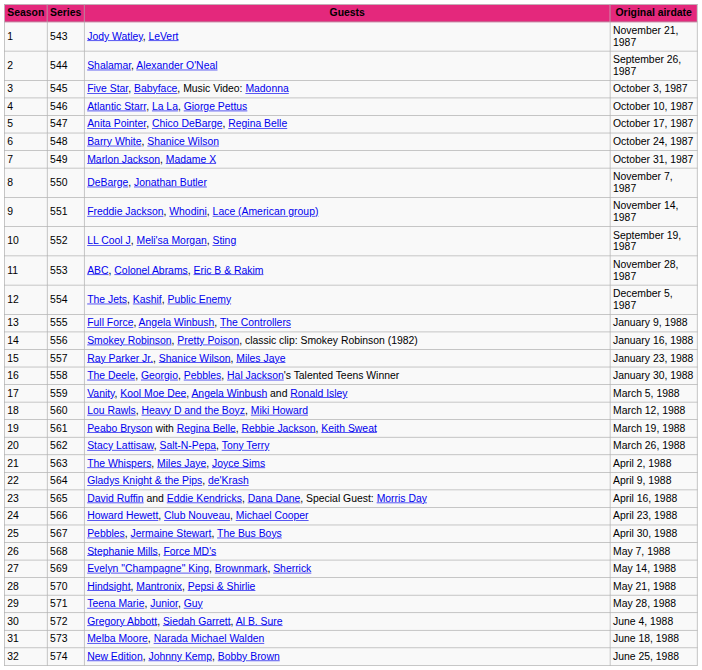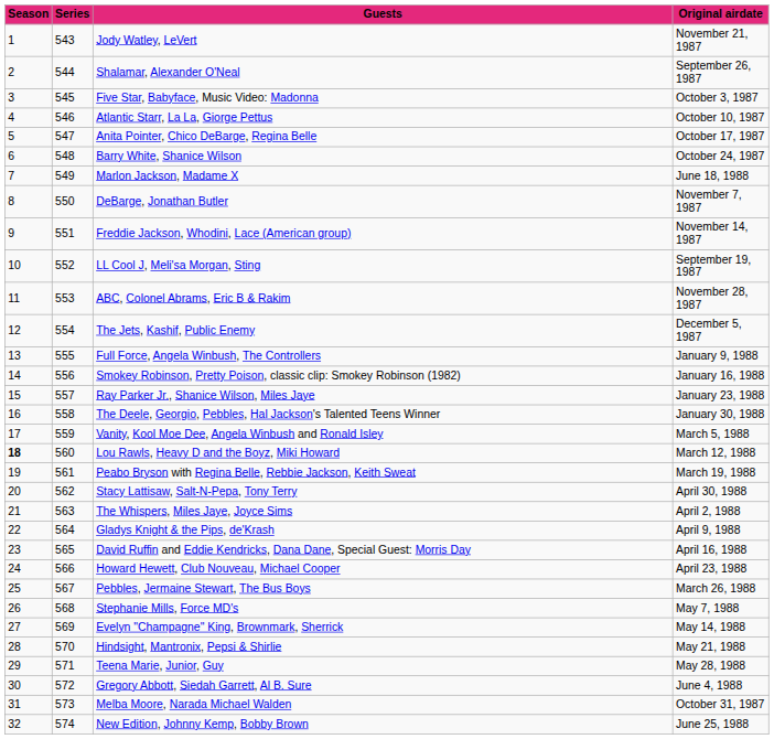 <table class="toccolours" border="2" cellpadding="4" cellspacing="0" style="margin: 1em 1em 1em 0; background: #f9f9f9; border: 1px #aaa solid; border-collapse: collapse">
 <tr style="vertical-align: top; text-align: center; background-color:#E4287C">
 <th><strong>Season</strong></th>
 <th><strong>Series</strong></th>
 <th style="width:800px;"><strong>Guests</strong></th>
 <th style="width:125px;"><strong>Original airdate</strong></th>
 </tr>
 <tr>
 <td>1</td>
 <td>543</td>
 <td><a href='#'>Jody Watley</a>, <a href='#'>LeVert</a></td>
 <td>November 21, 1987</td>
 </tr>
 <tr>
 <td>2</td>
 <td>544</td>
 <td><a href='#'>Shalamar</a>, <a href='#'>Alexander O'Neal</a></td>
 <td>September 26, 1987</td>
 </tr>
 <tr>
 <td>3</td>
 <td>545</td>
 <td><a href='#'>Five Star</a>, <a href='#'>Babyface</a>, Music Video: <a href='#'>Madonna</a></td>
 <td>October 3, 1987</td>
 </tr>
 <tr>
 <td>4</td>
 <td>546</td>
 <td><a href='#'>Atlantic Starr</a>, <a href='#'>La La</a>, <a href='#'>Giorge Pettus</a></td>
 <td>October 10, 1987</td>
 </tr>
 <tr>
 <td>5</td>
 <td>547</td>
 <td><a href='#'>Anita Pointer</a>, <a href='#'>Chico DeBarge</a>, <a href='#'>Regina Belle</a></td>
 <td>October 17, 1987</td>
 </tr>
 <tr>
 <td>6</td>
 <td>548</td>
 <td><a href='#'>Barry White</a>, <a href='#'>Shanice Wilson</a></td>
 <td>October 24, 1987</td>
 </tr>
 <tr>
 <td>7</td>
 <td>549</td>
 <td><a href='#'>Marlon Jackson</a>, <a href='#'>Madame X</a></td>
-<td>October 31, 1987</td>
+<td>June 18, 1988</td>
 </tr>
 <tr>
 <td>8</td>
 <td>550</td>
 <td><a href='#'>DeBarge</a>, <a href='#'>Jonathan Butler</a></td>
 <td>November 7, 1987</td>
 </tr>
 <tr>
 <td>9</td>
 <td>551</td>
 <td><a href='#'>Freddie Jackson</a>, <a href='#'>Whodini</a>, <a href='#'>Lace (American group)</a></td>
 <td>November 14, 1987</td>
 </tr>
 <tr>
 <td>10</td>
 <td>552</td>
 <td><a href='#'>LL Cool J</a>, <a href='#'>Meli'sa Morgan</a>, <a href='#'>Sting</a></td>
 <td>September 19, 1987</td>
 </tr>
 <tr>
 <td>11</td>
 <td>553</td>
 <td><a href='#'>ABC</a>, <a href='#'>Colonel Abrams</a>, <a href='#'>Eric B & Rakim</a></td>
 <td>November 28, 1987</td>
 </tr>
 <tr>
 <td>12</td>
 <td>554</td>
 <td><a href='#'>The Jets</a>, <a href='#'>Kashif</a>, <a href='#'>Public Enemy</a></td>
 <td>December 5, 1987</td>
 </tr>
 <tr>
 <td>13</td>
 <td>555</td>
 <td><a href='#'>Full Force</a>, <a href='#'>Angela Winbush</a>, <a href='#'>The Controllers</a></td>
 <td>January 9, 1988</td>
 </tr>
 <tr>
 <td>14</td>
 <td>556</td>
 <td><a href='#'>Smokey Robinson</a>, <a href='#'>Pretty Poison</a>, classic clip: Smokey Robinson (1982)</td>
 <td>January 16, 1988</td>
 </tr>
 <tr>
 <td>15</td>
 <td>557</td>
 <td><a href='#'>Ray Parker Jr.</a>, <a href='#'>Shanice Wilson</a>, <a href='#'>Miles Jaye</a></td>
 <td>January 23, 1988</td>
 </tr>
 <tr>
 <td>16</td>
 <td>558</td>
 <td><a href='#'>The Deele</a>, <a href='#'>Georgio</a>, <a href='#'>Pebbles</a>, <a href='#'>Hal Jackson</a>'s Talented Teens Winner</td>
 <td>January 30, 1988</td>
 </tr>
 <tr>
 <td>17</td>
 <td>559</td>
 <td><a href='#'>Vanity</a>, <a href='#'>Kool Moe Dee</a>, <a href='#'>Angela Winbush</a> and <a href='#'>Ronald Isley</a></td>
 <td>March 5, 1988</td>
 </tr>
 <tr>
-<td>18</td>
+<td><strong>18</strong></td>
 <td>560</td>
 <td><a href='#'>Lou Rawls</a>, <a href='#'>Heavy D and the Boyz</a>, <a href='#'>Miki Howard</a></td>
 <td>March 12, 1988</td>
 </tr>
 <tr>
 <td>19</td>
 <td>561</td>
 <td><a href='#'>Peabo Bryson</a> with <a href='#'>Regina Belle</a>, <a href='#'>Rebbie Jackson</a>, <a href='#'>Keith Sweat</a></td>
 <td>March 19, 1988</td>
 </tr>
 <tr>
 <td>20</td>
 <td>562</td>
 <td><a href='#'>Stacy Lattisaw</a>, <a href='#'>Salt-N-Pepa</a>, <a href='#'>Tony Terry</a></td>
-<td>March 26, 1988</td>
+<td>April 30, 1988</td>
 </tr>
 <tr>
 <td>21</td>
 <td>563</td>
 <td><a href='#'>The Whispers</a>, <a href='#'>Miles Jaye</a>, <a href='#'>Joyce Sims</a></td>
 <td>April 2, 1988</td>
 </tr>
 <tr>
 <td>22</td>
 <td>564</td>
 <td><a href='#'>Gladys Knight & the Pips</a>, <a href='#'>de'Krash</a></td>
 <td>April 9, 1988</td>
 </tr>
 <tr>
 <td>23</td>
 <td>565</td>
 <td><a href='#'>David Ruffin</a> and <a href='#'>Eddie Kendricks</a>, <a href='#'>Dana Dane</a>, Special Guest: <a href='#'>Morris Day</a></td>
 <td>April 16, 1988</td>
 </tr>
 <tr>
 <td>24</td>
 <td>566</td>
 <td><a href='#'>Howard Hewett</a>, <a href='#'>Club Nouveau</a>, <a href='#'>Michael Cooper</a></td>
 <td>April 23, 1988</td>
 </tr>
 <tr>
 <td>25</td>
 <td>567</td>
 <td><a href='#'>Pebbles</a>, <a href='#'>Jermaine Stewart</a>, <a href='#'>The Bus Boys</a></td>
-<td>April 30, 1988</td>
+<td>March 26, 1988</td>
 </tr>
 <tr>
 <td>26</td>
 <td>568</td>
 <td><a href='#'>Stephanie Mills</a>, <a href='#'>Force MD's</a></td>
 <td>May 7, 1988</td>
 </tr>
 <tr>
 <td>27</td>
 <td>569</td>
 <td><a href='#'>Evelyn "Champagne" King</a>, <a href='#'>Brownmark</a>, <a href='#'>Sherrick</a></td>
 <td>May 14, 1988</td>
 </tr>
 <tr>
 <td>28</td>
 <td>570</td>
 <td><a href='#'>Hindsight</a>, <a href='#'>Mantronix</a>, <a href='#'>Pepsi & Shirlie</a></td>
 <td>May 21, 1988</td>
 </tr>
 <tr>
 <td>29</td>
 <td>571</td>
 <td><a href='#'>Teena Marie</a>, <a href='#'>Junior</a>, <a href='#'>Guy</a></td>
 <td>May 28, 1988</td>
 </tr>
 <tr>
 <td>30</td>
 <td>572</td>
 <td><a href='#'>Gregory Abbott</a>, <a href='#'>Siedah Garrett</a>, <a href='#'>Al B. Sure</a></td>
 <td>June 4, 1988</td>
 </tr>
 <tr>
 <td>31</td>
 <td>573</td>
 <td><a href='#'>Melba Moore</a>, <a href='#'>Narada Michael Walden</a></td>
-<td>June 18, 1988</td>
+<td>October 31, 1987</td>
 </tr>
 <tr>
 <td>32</td>
 <td>574</td>
 <td><a href='#'>New Edition</a>, <a href='#'>Johnny Kemp</a>, <a href='#'>Bobby Brown</a></td>
 <td>June 25, 1988</td>
 </tr>
 </table>
